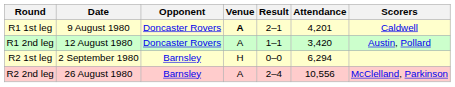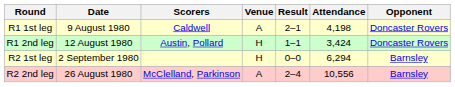 <table class="wikitable" style="font-size:100%; text-align:center">
 <tr>
 <th>Round</th>
 <th>Date</th>
-<th>Opponent</th>
+<th>Scorers</th>
 <th>Venue</th>
 <th>Result</th>
 <th>Attendance</th>
-<th>Scorers</th>
+<th>Opponent</th>
 </tr>
 <tr style="background-color: #FFFFCC;">
 <td>R1 1st leg</td>
 <td>9 August 1980</td>
+<td><a href='#'>Caldwell</a></td>
+<td>A</td>
+<td>2–1</td>
+<td>4,198</td>
 <td><a href='#'>Doncaster Rovers</a></td>
-<td><strong>A</strong></td>
-<td>2–1</td>
-<td>4,201</td>
-<td><a href='#'>Caldwell</a></td>
 </tr>
 <tr style="background-color: #CCFFCC;">
 <td>R1 2nd leg</td>
 <td>12 August 1980</td>
+<td><a href='#'>Austin</a>, <a href='#'>Pollard</a></td>
+<td>H</td>
+<td>1–1</td>
+<td>3,424</td>
 <td><a href='#'>Doncaster Rovers</a></td>
-<td>A</td>
-<td>1–1</td>
-<td>3,420</td>
-<td><a href='#'>Austin</a>, <a href='#'>Pollard</a></td>
 </tr>
 <tr style="background-color: #FFFFCC;">
 <td>R2 1st leg</td>
 <td>2 September 1980</td>
-<td><a href='#'>Barnsley</a></td>
+<td></td>
 <td>H</td>
 <td>0–0</td>
 <td>6,294</td>
-<td></td>
+<td><a href='#'>Barnsley</a></td>
 </tr>
 <tr style="background-color: #FFCCCC;">
 <td>R2 2nd leg</td>
 <td>26 August 1980</td>
-<td><a href='#'>Barnsley</a></td>
+<td><a href='#'>McClelland</a>, <a href='#'>Parkinson</a></td>
 <td>A</td>
 <td>2–4</td>
 <td>10,556</td>
-<td><a href='#'>McClelland</a>, <a href='#'>Parkinson</a></td>
+<td><a href='#'>Barnsley</a></td>
 </tr>
 </table>
